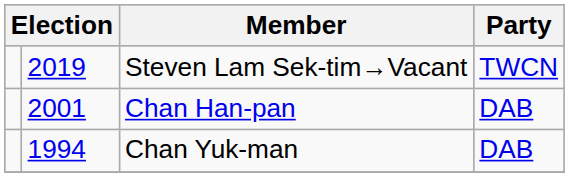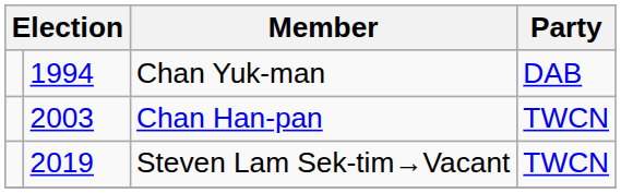 <table class="wikitable">
 <tr>
 <th colspan="2">Election</th>
 <th>Member</th>
 <th>Party</th>
 </tr>
 <tr>
 <td style="background-color: "></td>
+<td><a href='#'>1994</a></td>
+<td>Chan Yuk-man</td>
+<td><a href='#'>DAB</a></td>
+</tr>
+<tr>
+<td style="background-color: "></td>
+<td><a href='#'>2003</a></td>
+<td><a href='#'>Chan Han-pan</a></td>
+<td><a href='#'>TWCN</a></td>
+</tr>
+<tr>
+<td style="background-color: "></td>
 <td><a href='#'>2019</a></td>
 <td>Steven Lam Sek-tim→Vacant</td>
 <td><a href='#'>TWCN</a></td>
 </tr>
 <tr>
-<td style="background-color: "></td>
-<td><a href='#'>2001</a></td>
-<td><a href='#'>Chan Han-pan</a></td>
-<td><a href='#'>DAB</a></td>
-</tr>
-<tr>
-<td style="background-color: "></td>
-<td><a href='#'>1994</a></td>
-<td>Chan Yuk-man</td>
-<td><a href='#'>DAB</a></td>
-</tr>
-<tr>
 </tr>
 </table>
